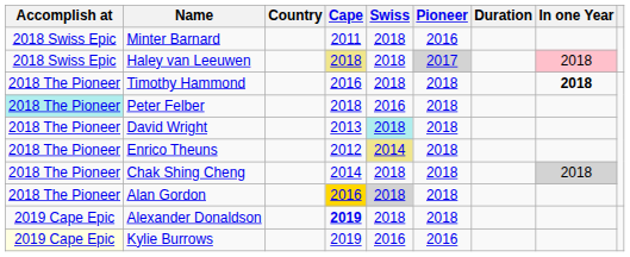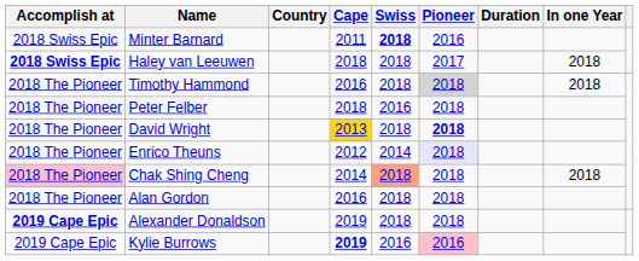 <table class="wikitable sortable" style="text-align:center">
 <tr>
 <th>Accomplish at</th>
 <th>Name</th>
 <th>Country</th>
 <th><a href='#'>Cape</a></th>
 <th><a href='#'>Swiss</a></th>
 <th><a href='#'>Pioneer</a></th>
 <th>Duration</th>
 <th>In one Year</th>
 <th></th>
 </tr>
 <tr>
 <td><a href='#'>2018 Swiss Epic</a></td>
 <td align=left><a href='#'>Minter Barnard</a></td>
 <td align=left></td>
 <td><a href='#'>2011</a></td>
-<td><a href='#'>2018</a></td>
+<td><strong><a href='#'>2018</a></strong></td>
 <td><a href='#'>2016</a></td>
 <td align=right></td>
 <td></td>
 <td rowspan=2></td>
 </tr>
 <tr>
-<td><a href='#'>2018 Swiss Epic</a></td>
+<td><strong><a href='#'>2018 Swiss Epic</a></strong></td>
 <td align=left><a href='#'>Haley van Leeuwen</a></td>
 <td align=left></td>
-<td style="background: khaki;"><a href='#'>2018</a></td>
 <td><a href='#'>2018</a></td>
-<td style="background: lightgrey;"><a href='#'>2017</a></td>
+<td><a href='#'>2018</a></td>
+<td><a href='#'>2017</a></td>
 <td align=right></td>
-<td style="background: pink;">2018</td>
+<td>2018</td>
 </tr>
 <tr>
 <td><a href='#'>2018 The Pioneer</a></td>
 <td align=left><a href='#'>Timothy Hammond</a></td>
 <td align=left></td>
 <td><a href='#'>2016</a></td>
 <td><a href='#'>2018</a></td>
-<td><a href='#'>2018</a></td>
+<td style="background: lightgrey;"><a href='#'>2018</a></td>
 <td align=right></td>
-<td><strong>2018</strong></td>
+<td>2018</td>
 <td rowspan=6></td>
 </tr>
 <tr>
-<td style="background: paleturquoise;"><a href='#'>2018 The Pioneer</a></td>
+<td><a href='#'>2018 The Pioneer</a></td>
 <td align=left><a href='#'>Peter Felber</a></td>
 <td align=left></td>
 <td><a href='#'>2018</a></td>
 <td><a href='#'>2016</a></td>
 <td><a href='#'>2018</a></td>
 <td align=right></td>
 <td></td>
 </tr>
 <tr>
 <td><a href='#'>2018 The Pioneer</a></td>
 <td align=left><a href='#'>David Wright</a></td>
 <td align=left></td>
-<td><a href='#'>2013</a></td>
-<td style="background: paleturquoise;"><a href='#'>2018</a></td>
+<td style="background: gold;"><a href='#'>2013</a></td>
 <td><a href='#'>2018</a></td>
+<td><strong><a href='#'>2018</a></strong></td>
 <td align=right></td>
 <td></td>
 </tr>
 <tr>
 <td><a href='#'>2018 The Pioneer</a></td>
 <td align=left><a href='#'>Enrico Theuns</a></td>
 <td align=left></td>
 <td><a href='#'>2012</a></td>
-<td style="background: khaki;"><a href='#'>2014</a></td>
+<td><a href='#'>2014</a></td>
+<td style="background: lavender;"><a href='#'>2018</a></td>
+<td align=right></td>
+<td></td>
+</tr>
+<tr>
+<td style="background: pink;"><a href='#'>2018 The Pioneer</a></td>
+<td align=left><a href='#'>Chak Shing Cheng</a></td>
+<td align=left></td>
+<td><a href='#'>2014</a></td>
+<td style="background: lightsalmon;"><a href='#'>2018</a></td>
+<td><a href='#'>2018</a></td>
+<td align=right></td>
+<td>2018</td>
+</tr>
+<tr>
+<td><a href='#'>2018 The Pioneer</a></td>
+<td align=left><a href='#'>Alan Gordon</a></td>
+<td align=left></td>
+<td><a href='#'>2016</a></td>
+<td><a href='#'>2018</a></td>
 <td><a href='#'>2018</a></td>
 <td align=right></td>
 <td></td>
 </tr>
 <tr>
-<td><a href='#'>2018 The Pioneer</a></td>
-<td align=left><a href='#'>Chak Shing Cheng</a></td>
-<td align=left></td>
-<td><a href='#'>2014</a></td>
-<td><a href='#'>2018</a></td>
-<td><a href='#'>2018</a></td>
-<td align=right></td>
-<td style="background: lightgrey;">2018</td>
-</tr>
-<tr>
-<td><a href='#'>2018 The Pioneer</a></td>
-<td align=left><a href='#'>Alan Gordon</a></td>
-<td align=left></td>
-<td style="background: gold;"><a href='#'>2016</a></td>
-<td style="background: lightgrey;"><a href='#'>2018</a></td>
-<td><a href='#'>2018</a></td>
-<td align=right></td>
-<td></td>
-</tr>
-<tr>
-<td><a href='#'>2019 Cape Epic</a></td>
+<td><strong><a href='#'>2019 Cape Epic</a></strong></td>
 <td align=left><a href='#'>Alexander Donaldson</a></td>
 <td align=left></td>
-<td><strong><a href='#'>2019</a></strong></td>
+<td><a href='#'>2019</a></td>
 <td><a href='#'>2018</a></td>
 <td><a href='#'>2018</a></td>
 <td align=right data-sort-value="0 year, 6 months and 9 days"></td>
 <td></td>
 <td rowspan=2></td>
 </tr>
 <tr>
-<td style="background: lightyellow;"><a href='#'>2019 Cape Epic</a></td>
+<td><a href='#'>2019 Cape Epic</a></td>
 <td align=left><a href='#'>Kylie Burrows</a></td>
 <td align=left></td>
-<td><a href='#'>2019</a></td>
+<td><strong><a href='#'>2019</a></strong></td>
 <td><a href='#'>2016</a></td>
-<td><a href='#'>2016</a></td>
+<td style="background: pink;"><a href='#'>2016</a></td>
 <td align=right></td>
 <td></td>
 </tr>
 </table>
